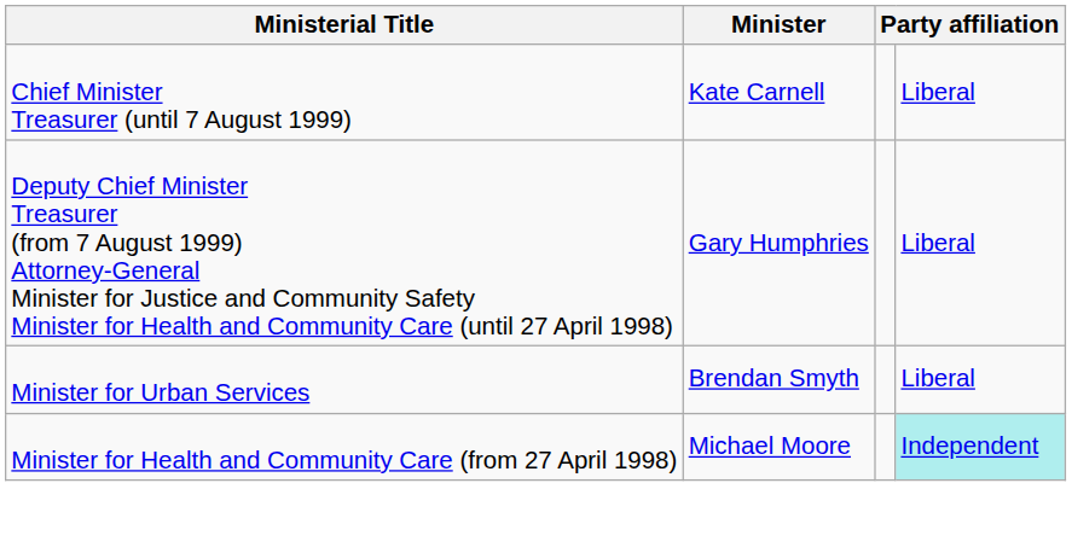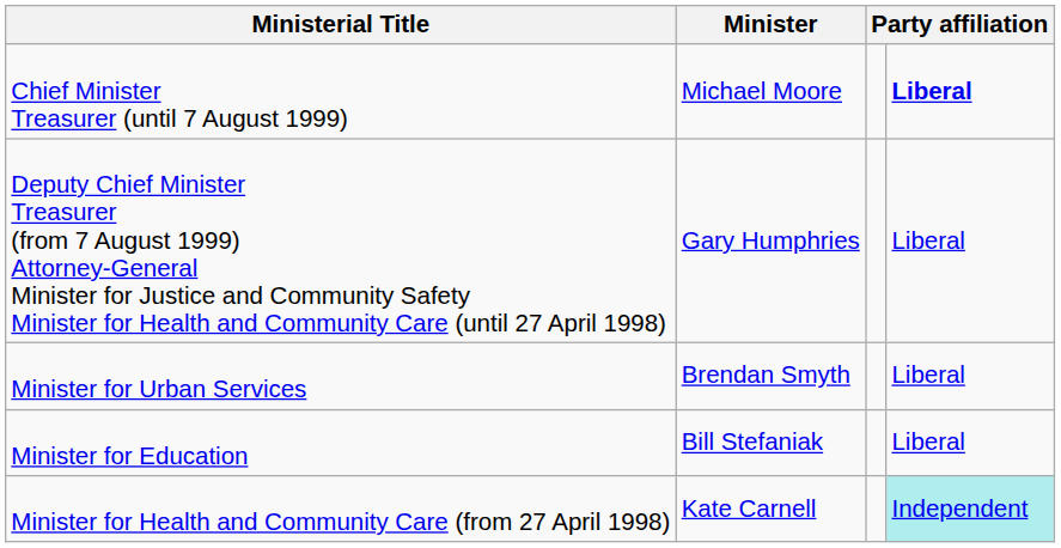 <table class="wikitable">
 <tr>
 <th>Ministerial Title</th>
 <th>Minister</th>
 <th colspan=2>Party affiliation</th>
 </tr>
 <tr>
 <td><br><a href='#'>Chief Minister</a><br> <a href='#'>Treasurer</a> (until 7 August 1999)</td>
-<td><a href='#'>Kate Carnell</a></td>
+<td><a href='#'>Michael Moore</a></td>
 <td> </td>
-<td><a href='#'>Liberal</a></td>
+<td><strong><a href='#'>Liberal</a></strong></td>
 </tr>
 <tr>
 <td><br><a href='#'>Deputy Chief Minister</a><br> <a href='#'>Treasurer</a><br> (from 7 August 1999)<br> <a href='#'>Attorney-General</a><br> Minister for Justice and Community Safety<br> <a href='#'>Minister for Health and Community Care</a> (until 27 April 1998)</td>
 <td><a href='#'>Gary Humphries</a></td>
 <td> </td>
 <td><a href='#'>Liberal</a></td>
 </tr>
 <tr>
 <td><br><a href='#'>Minister for Urban Services</a></td>
 <td><a href='#'>Brendan Smyth</a></td>
 <td> </td>
 <td><a href='#'>Liberal</a></td>
 </tr>
 <tr>
+<td><br><a href='#'>Minister for Education</a></td>
+<td><a href='#'>Bill Stefaniak</a></td>
+<td> </td>
+<td><a href='#'>Liberal</a></td>
+</tr>
+<tr>
 <td><br><a href='#'>Minister for Health and Community Care</a> (from 27 April 1998)</td>
-<td><a href='#'>Michael Moore</a></td>
+<td><a href='#'>Kate Carnell</a></td>
 <td> </td>
 <td style="background: paleturquoise;"><a href='#'>Independent</a></td>
 </tr>
 </table>
